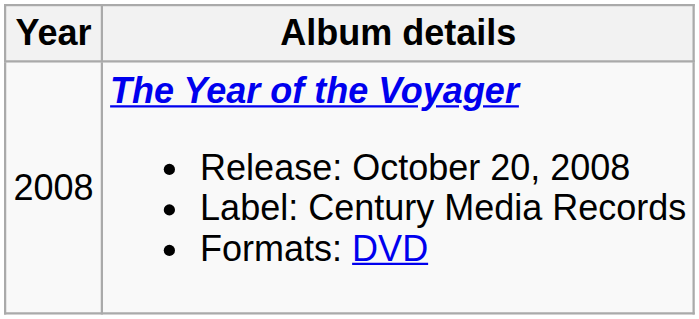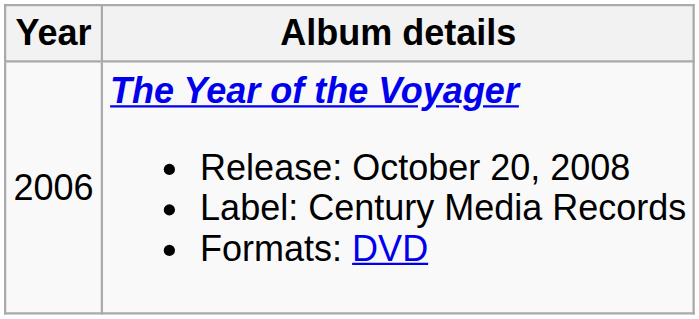 <table class="wikitable">
 <tr>
 <th>Year</th>
 <th>Album details</th>
 </tr>
 <tr>
-<td align="center">2008</td>
+<td align="center">2006</td>
 <td><strong><em><a href='#'>The Year of the Voyager</a></em></strong><br><ul><li>Release: October 20, 2008</li><li>Label: Century Media Records</li><li>Formats: <a href='#'>DVD</a></li></ul></td>
 </tr>
 </table>
